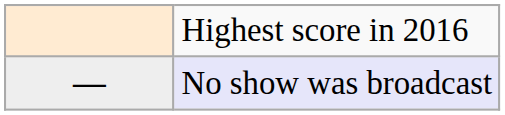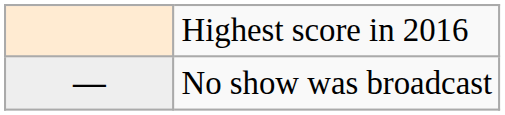 <table class="wikitable">
 <tr>
 <th width="75px" style="background:#FFEBD2; text-align:center" scope="row"></th>
 <td>Highest score in 2016</td>
 </tr>
 <tr>
 <th width="75px" style="background:#eee; text-align:center" scope="row">—</th>
-<td style="background: lavender;">No show was broadcast</td>
+<td>No show was broadcast</td>
 </tr>
 </table>
